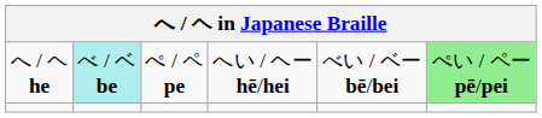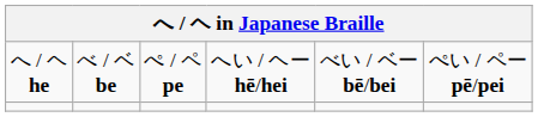 <table class="wikitable nowrap" style="text-align:center">
 <tr>
 <th colspan=6>へ / ヘ in <a href='#'>Japanese Braille</a></th>
 </tr>
 <tr>
 <td>へ / ヘ <br><strong>he</strong></td>
-<td style="background: paleturquoise;">べ / ベ <br><strong>be</strong></td>
+<td>べ / ベ <br><strong>be</strong></td>
 <td>ぺ / ペ <br><strong>pe</strong></td>
 <td>へい / ヘー <br><strong>hē</strong>/<strong>hei</strong></td>
 <td>べい / ベー <br><strong>bē</strong>/<strong>bei</strong></td>
-<td style="background: lightgreen;">ぺい / ペー <br><strong>pē</strong>/<strong>pei</strong></td>
+<td>ぺい / ペー <br><strong>pē</strong>/<strong>pei</strong></td>
 </tr>
 <tr>
 <td></td>
 <td></td>
 <td></td>
 <td></td>
 <td></td>
 <td></td>
 </tr>
 </table>
